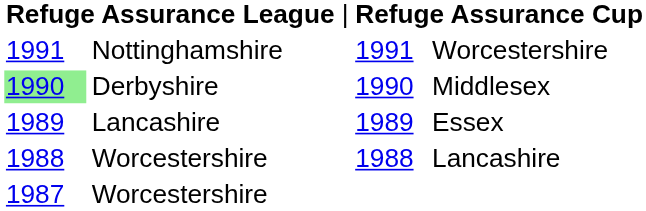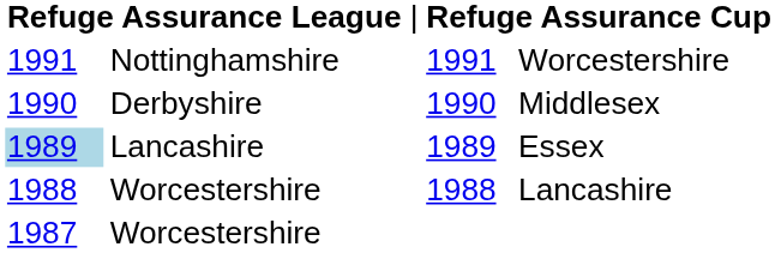 <table>
 <tr>
 <td colspan=2><strong>Refuge Assurance League</strong> |</td>
 <td colspan=2><strong>Refuge Assurance Cup</strong></td>
 </tr>
 <tr>
 <td><a href='#'>1991</a></td>
 <td>Nottinghamshire</td>
 <td><a href='#'>1991</a></td>
 <td>Worcestershire</td>
 </tr>
 <tr>
-<td style="background: lightgreen;"><a href='#'>1990</a></td>
+<td><a href='#'>1990</a></td>
 <td>Derbyshire</td>
 <td><a href='#'>1990</a></td>
 <td>Middlesex</td>
 </tr>
 <tr>
-<td><a href='#'>1989</a></td>
+<td style="background: lightblue;"><a href='#'>1989</a></td>
 <td>Lancashire</td>
 <td><a href='#'>1989</a></td>
 <td>Essex</td>
 </tr>
 <tr>
 <td><a href='#'>1988</a></td>
 <td>Worcestershire</td>
 <td><a href='#'>1988</a></td>
 <td>Lancashire</td>
 </tr>
 <tr>
 <td><a href='#'>1987</a></td>
 <td>Worcestershire</td>
 </tr>
 </table>
